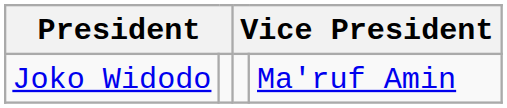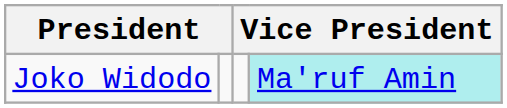 <table class="wikitable">
 <tr>
 <th colspan="2">President</th>
 <th colspan="2">Vice President</th>
 </tr>
 <tr>
 <td align="right"><a href='#'>Joko Widodo</a></td>
 <td align="right"></td>
 <td align="left"></td>
-<td align="left"><a href='#'>Ma'ruf Amin</a></td>
+<td align="left" style="background: paleturquoise;"><a href='#'>Ma'ruf Amin</a></td>
 </tr>
 </table>
